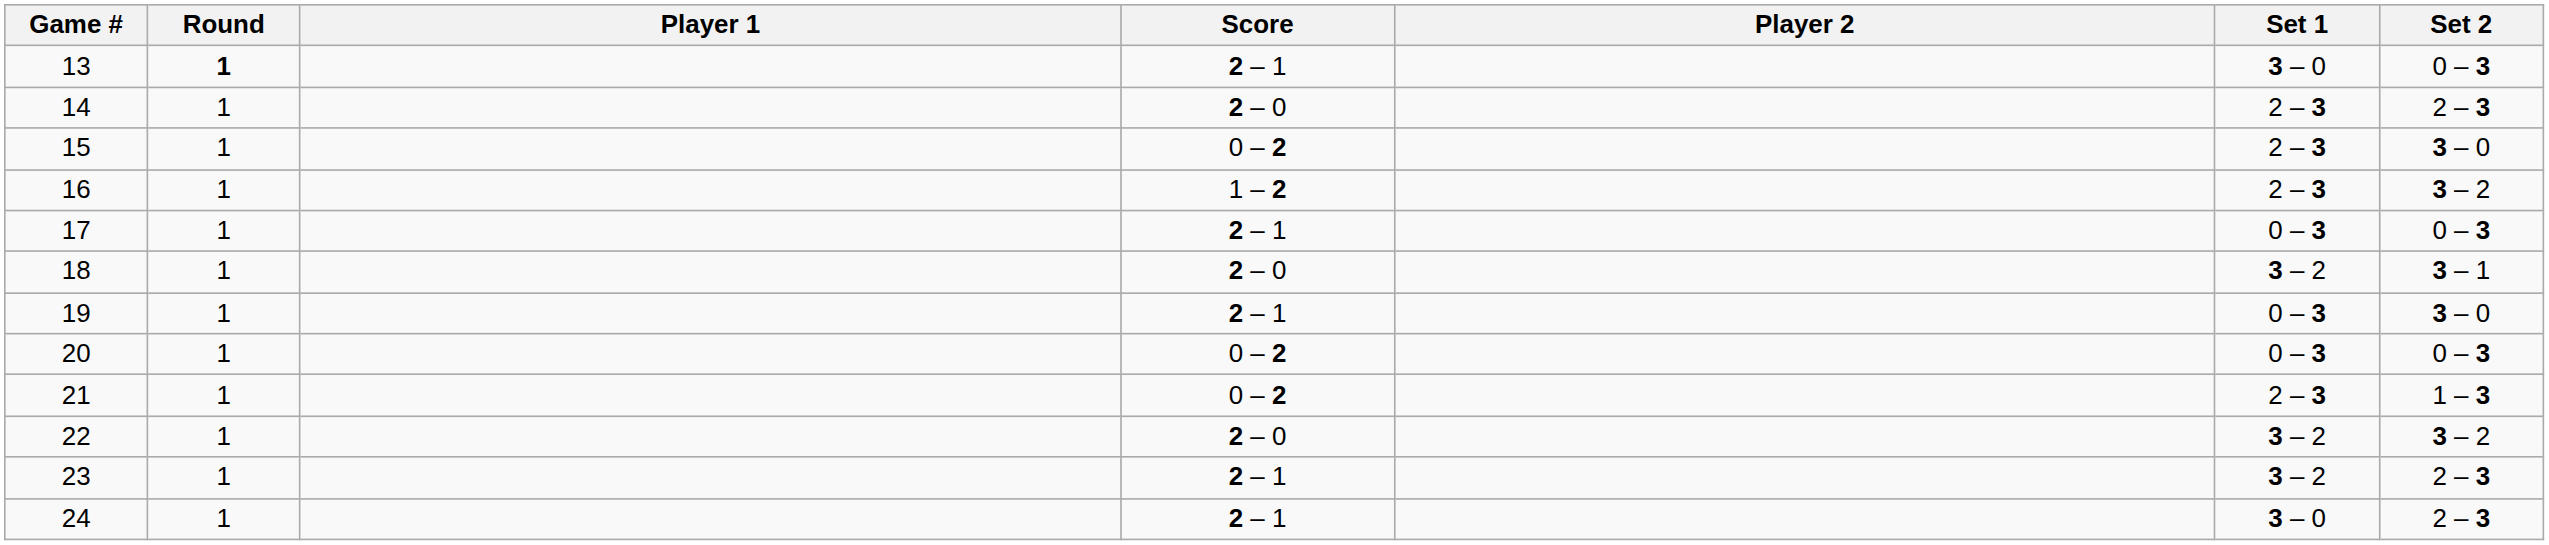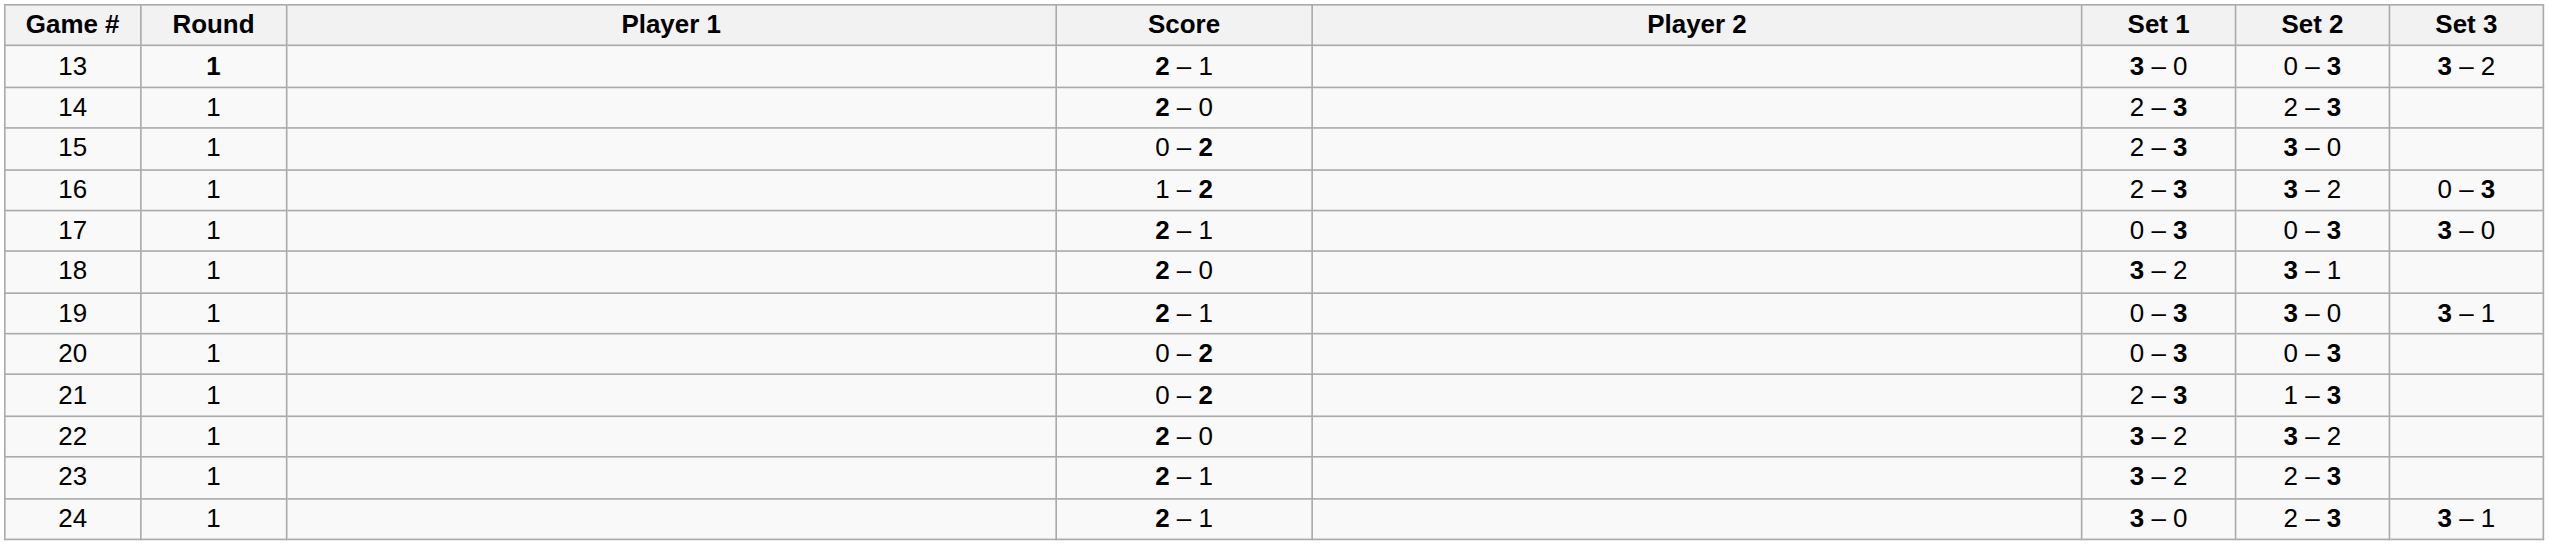 <table class="wikitable">
 <tr>
 <th width="2%">Game #</th>
 <th width="2%">Round</th>
 <th width="15%">Player 1</th>
 <th width="5%">Score</th>
 <th width="15%">Player 2</th>
 <th width="3%">Set 1</th>
 <th width="3%">Set 2</th>
+<th width="3%">Set 3</th>
 </tr>
 <tr style=text-align:center;"background:#;">
 <td>13</td>
 <td><strong>1</strong></td>
 <td></td>
 <td><strong>2</strong> – 1</td>
 <td></td>
 <td><strong>3</strong> – 0</td>
 <td>0 – <strong>3</strong></td>
+<td><strong>3</strong> – 2</td>
 </tr>
 <tr style=text-align:center;"background:#;">
 <td>14</td>
 <td>1</td>
 <td></td>
 <td><strong>2</strong> – 0</td>
 <td></td>
 <td>2 – <strong>3</strong></td>
 <td>2 – <strong>3</strong></td>
+<td></td>
 </tr>
 <tr style=text-align:center;"background:#;">
 <td>15</td>
 <td>1</td>
 <td></td>
 <td>0 – <strong>2</strong></td>
 <td></td>
 <td>2 – <strong>3</strong></td>
 <td><strong>3</strong> – 0</td>
+<td></td>
 </tr>
 <tr style=text-align:center;"background:#;">
 <td>16</td>
 <td>1</td>
 <td></td>
 <td>1 – <strong>2</strong></td>
 <td></td>
 <td>2 – <strong>3</strong></td>
 <td><strong>3</strong> – 2</td>
+<td>0 – <strong>3</strong></td>
 </tr>
 <tr style=text-align:center;"background:#;">
 <td>17</td>
 <td>1</td>
 <td></td>
 <td><strong>2</strong> – 1</td>
 <td></td>
 <td>0 – <strong>3</strong></td>
 <td>0 – <strong>3</strong></td>
+<td><strong>3</strong> – 0</td>
 </tr>
 <tr style=text-align:center;"background:#;">
 <td>18</td>
 <td>1</td>
 <td></td>
 <td><strong>2</strong> – 0</td>
 <td></td>
 <td><strong>3</strong> – 2</td>
 <td><strong>3</strong> – 1</td>
+<td></td>
 </tr>
 <tr style=text-align:center;"background:#;">
 <td>19</td>
 <td>1</td>
 <td></td>
 <td><strong>2</strong> – 1</td>
 <td></td>
 <td>0 – <strong>3</strong></td>
 <td><strong>3</strong> – 0</td>
+<td><strong>3</strong> – 1</td>
 </tr>
 <tr style=text-align:center;"background:#;">
 <td>20</td>
 <td>1</td>
 <td></td>
 <td>0 – <strong>2</strong></td>
 <td></td>
 <td>0 – <strong>3</strong></td>
 <td>0 – <strong>3</strong></td>
+<td></td>
 </tr>
 <tr style=text-align:center;"background:#;">
 <td>21</td>
 <td>1</td>
 <td></td>
 <td>0 – <strong>2</strong></td>
 <td></td>
 <td>2 – <strong>3</strong></td>
 <td>1 – <strong>3</strong></td>
+<td></td>
 </tr>
 <tr style=text-align:center;"background:#;">
 <td>22</td>
 <td>1</td>
 <td></td>
 <td><strong>2</strong> – 0</td>
 <td></td>
 <td><strong>3</strong> – 2</td>
 <td><strong>3</strong> – 2</td>
+<td></td>
 </tr>
 <tr style=text-align:center;"background:#;">
 <td>23</td>
 <td>1</td>
 <td></td>
 <td><strong>2</strong> – 1</td>
 <td></td>
 <td><strong>3</strong> – 2</td>
 <td>2 – <strong>3</strong></td>
+<td></td>
 </tr>
 <tr style=text-align:center;"background:#;">
 <td>24</td>
 <td>1</td>
 <td></td>
 <td><strong>2</strong> – 1</td>
 <td></td>
 <td><strong>3</strong> – 0</td>
 <td>2 – <strong>3</strong></td>
+<td><strong>3</strong> – 1</td>
 </tr>
 </table>
